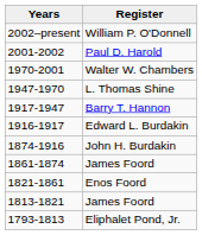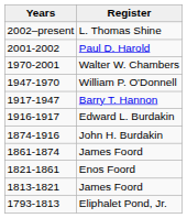 <table class="wikitable floatright">
 <tr>
 <th style="background:#efefef;">Years</th>
 <th style="background:#efefef">Register</th>
 </tr>
 <tr>
 <td>2002–present</td>
-<td>William P. O'Donnell</td>
+<td>L. Thomas Shine</td>
 </tr>
 <tr>
 <td>2001-2002</td>
 <td><a href='#'>Paul D. Harold</a></td>
 </tr>
 <tr>
 <td>1970-2001</td>
 <td>Walter W. Chambers</td>
 </tr>
 <tr>
 <td>1947-1970</td>
-<td>L. Thomas Shine</td>
+<td>William P. O'Donnell</td>
 </tr>
 <tr>
 <td>1917-1947</td>
 <td><a href='#'>Barry T. Hannon</a></td>
 </tr>
 <tr>
 <td>1916-1917</td>
 <td>Edward L. Burdakin</td>
 </tr>
 <tr>
 <td>1874-1916</td>
 <td>John H. Burdakin</td>
 </tr>
 <tr>
 <td>1861-1874</td>
 <td>James Foord</td>
 </tr>
 <tr>
 <td>1821-1861</td>
 <td>Enos Foord</td>
 </tr>
 <tr>
 <td>1813-1821</td>
 <td>James Foord</td>
 </tr>
 <tr>
 <td>1793-1813</td>
 <td>Eliphalet Pond, Jr.</td>
 </tr>
 </table>
